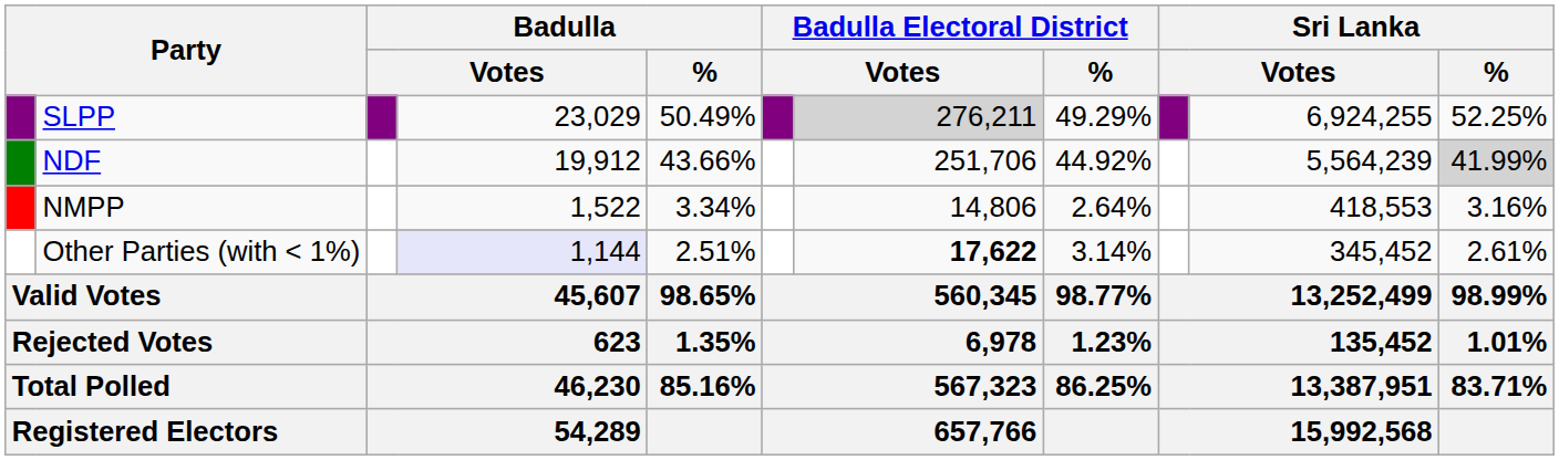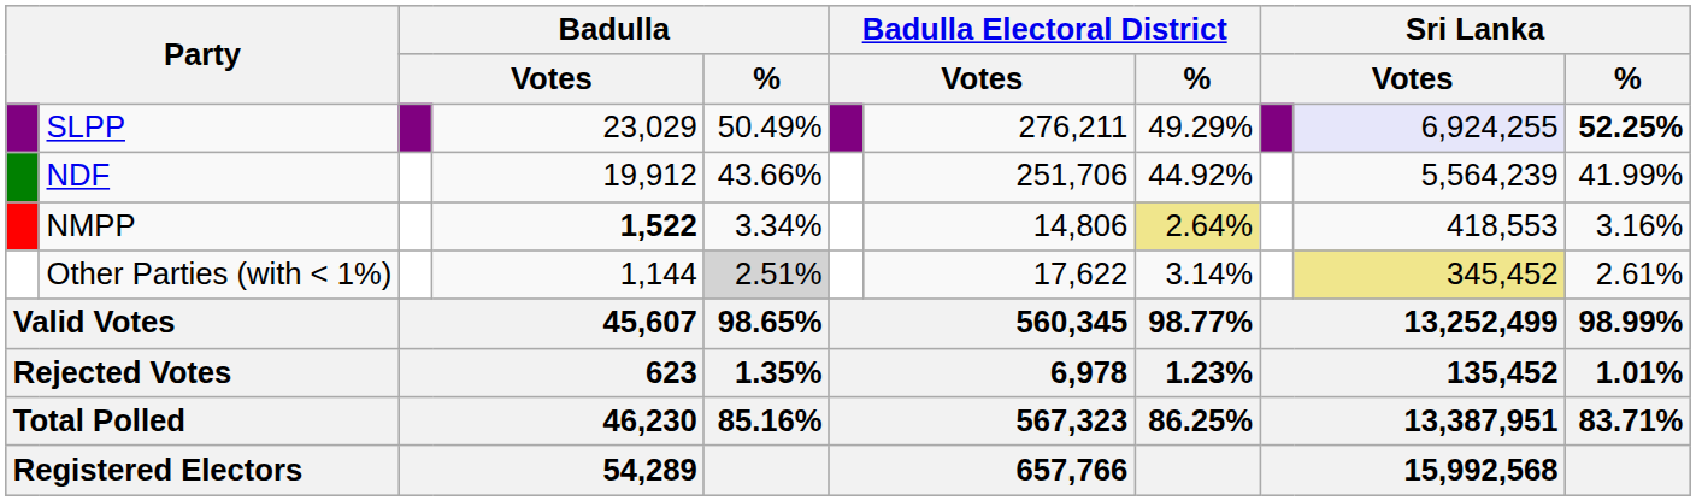 <table class="wikitable">
 <tr>
 <th colspan="2" width="144px"rowspan="2">Party</th>
 <th colspan="3" width="216px">Badulla</th>
 <th colspan="3" width="216px"><a href='#'>Badulla Electoral District</a></th>
 <th colspan="3" width="216px">Sri Lanka</th>
 </tr>
 <tr>
 <th colspan="2" width="144px">Votes</th>
 <th>%</th>
 <th colspan="2" width="144px">Votes</th>
 <th>%</th>
 <th colspan="2" width="144px">Votes</th>
 <th>%</th>
 </tr>
 <tr>
 <td style="background-color:purple;" width="10px"></td>
 <td style="text-align:left;"><a href='#'>SLPP</a></td>
 <td style="background-color:purple;" width="10px"></td>
 <td style="text-align:right;">23,029</td>
 <td style="text-align:right;">50.49%</td>
 <td style="background-color:purple;" width="10px"></td>
-<td style="background: lightgrey; text-align:right;">276,211</td>
+<td style="text-align:right;">276,211</td>
 <td style="text-align:right;">49.29%</td>
 <td style="background-color:purple;" width="10px"></td>
-<td style="text-align:right;">6,924,255</td>
-<td style="text-align:right;">52.25%</td>
+<td style="background: lavender; text-align:right;">6,924,255</td>
+<td style="text-align:right;"><strong>52.25%</strong></td>
 </tr>
 <tr>
 <td style="background-color:green;" width="10px"></td>
 <td style="text-align:left;"><a href='#'>NDF</a></td>
 <td style="background-color:white;" width="10px"></td>
 <td style="text-align:right;">19,912</td>
 <td style="text-align:right;">43.66%</td>
 <td style="background-color:white;" width="10px"></td>
 <td style="text-align:right;">251,706</td>
 <td style="text-align:right;">44.92%</td>
 <td style="background-color:white;" width="10px"></td>
 <td style="text-align:right;">5,564,239</td>
-<td style="background: lightgrey; text-align:right;">41.99%</td>
+<td style="text-align:right;">41.99%</td>
 </tr>
 <tr>
 <td style="background-color:red;" width="10px"></td>
 <td style="text-align:left;">NMPP</td>
 <td style="background-color:white;" width="10px"></td>
-<td style="text-align:right;">1,522</td>
+<td style="text-align:right;"><strong>1,522</strong></td>
 <td style="text-align:right;">3.34%</td>
 <td style="background-color:white;" width="10px"></td>
 <td style="text-align:right;">14,806</td>
-<td style="text-align:right;">2.64%</td>
+<td style="background: khaki; text-align:right;">2.64%</td>
 <td style="background-color:white;" width="10px"></td>
 <td style="text-align:right;">418,553</td>
 <td style="text-align:right;">3.16%</td>
 </tr>
 <tr>
 <td style="background-color:white;" width="10px"></td>
 <td style="text-align:left;">Other Parties (with < 1%)</td>
 <td style="background-color:white;" width="10px"></td>
-<td style="background: lavender; text-align:right;">1,144</td>
-<td style="text-align:right;">2.51%</td>
+<td style="text-align:right;">1,144</td>
+<td style="background: lightgrey; text-align:right;">2.51%</td>
 <td style="background-color:white;" width="10px"></td>
-<td style="text-align:right;"><strong>17,622</strong></td>
+<td style="text-align:right;">17,622</td>
 <td style="text-align:right;">3.14%</td>
 <td style="background-color:white;" width="10px"></td>
-<td style="text-align:right;">345,452</td>
+<td style="background: khaki; text-align:right;">345,452</td>
 <td style="text-align:right;">2.61%</td>
 </tr>
 <tr>
 <th colspan="2" width="144px"style="text-align:left;">Valid Votes</th>
 <th style="text-align:right;"colspan="2" width="144px">45,607</th>
 <th style="text-align:right;">98.65%</th>
 <th style="text-align:right;"colspan="2" width="144px">560,345</th>
 <th style="text-align:right;">98.77%</th>
 <th style="text-align:right;"colspan="2" width="144px">13,252,499</th>
 <th style="text-align:right;">98.99%</th>
 </tr>
 <tr>
 <th colspan="2" width="144px"style="text-align:left;">Rejected Votes</th>
 <th style="text-align:right;"colspan="2" width="144px">623</th>
 <th style="text-align:right;">1.35%</th>
 <th style="text-align:right;"colspan="2" width="144px">6,978</th>
 <th style="text-align:right;">1.23%</th>
 <th style="text-align:right;"colspan="2" width="144px">135,452</th>
 <th style="text-align:right;">1.01%</th>
 </tr>
 <tr>
 <th colspan="2" width="144px"style="text-align:left;">Total Polled</th>
 <th style="text-align:right;"colspan="2" width="144px">46,230</th>
 <th style="text-align:right;">85.16%</th>
 <th style="text-align:right;"colspan="2" width="144px">567,323</th>
 <th style="text-align:right;">86.25%</th>
 <th style="text-align:right;"colspan="2" width="144px">13,387,951</th>
 <th style="text-align:right;">83.71%</th>
 </tr>
 <tr>
 <th colspan="2" width="144px"style="text-align:left;">Registered Electors</th>
 <th style="text-align:right;"colspan="2" width="144px">54,289</th>
 <th></th>
 <th style="text-align:right;"colspan="2" width="144px">657,766</th>
 <th></th>
 <th style="text-align:right;"colspan="2" width="144px">15,992,568</th>
 <th></th>
 </tr>
 </table>
